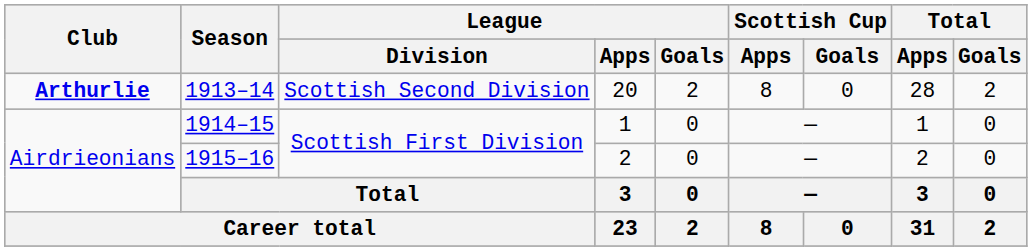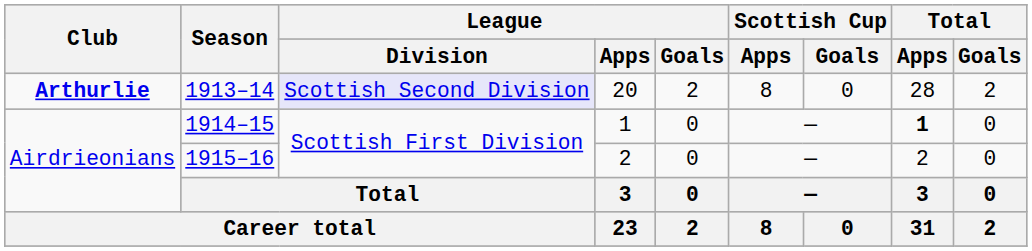 <table class="wikitable" style="text-align: center">
 <tr>
 <th rowspan="2">Club</th>
 <th rowspan="2">Season</th>
 <th colspan="3">League</th>
 <th colspan="2">Scottish Cup</th>
 <th colspan="2">Total</th>
 </tr>
 <tr>
 <th>Division</th>
 <th>Apps</th>
 <th>Goals</th>
 <th>Apps</th>
 <th>Goals</th>
 <th>Apps</th>
 <th>Goals</th>
 </tr>
 <tr>
 <td><strong><a href='#'>Arthurlie</a></strong></td>
 <td><a href='#'>1913–14</a></td>
-<td><a href='#'>Scottish Second Division</a></td>
+<td style="background: lavender;"><a href='#'>Scottish Second Division</a></td>
 <td>20</td>
 <td>2</td>
 <td>8</td>
 <td>0</td>
 <td>28</td>
 <td>2</td>
 </tr>
 <tr>
 <td rowspan="3"><a href='#'>Airdrieonians</a></td>
 <td><a href='#'>1914–15</a></td>
 <td rowspan="2"><a href='#'>Scottish First Division</a></td>
 <td>1</td>
 <td>0</td>
 <td colspan="2">―</td>
-<td>1</td>
+<td><strong>1</strong></td>
 <td>0</td>
 </tr>
 <tr>
 <td><a href='#'>1915–16</a></td>
 <td>2</td>
 <td>0</td>
 <td colspan="2">―</td>
 <td>2</td>
 <td>0</td>
 </tr>
 <tr>
 <th colspan="2">Total</th>
 <th>3</th>
 <th>0</th>
 <th colspan="2">―</th>
 <th>3</th>
 <th>0</th>
 </tr>
 <tr>
 <th colspan="3">Career total</th>
 <th>23</th>
 <th>2</th>
 <th>8</th>
 <th>0</th>
 <th>31</th>
 <th>2</th>
 </tr>
 </table>
